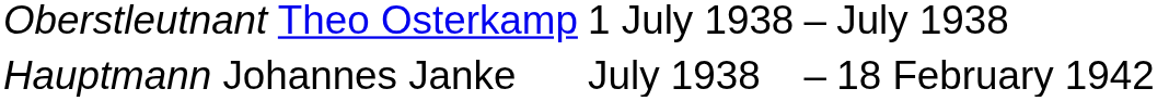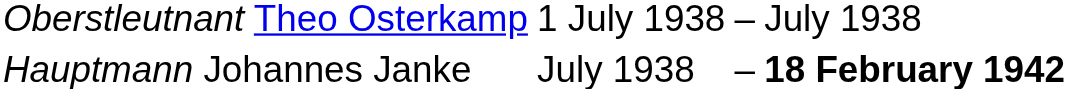 <table>
 <tr>
 <td> <em>Oberstleutnant</em> <a href='#'>Theo Osterkamp</a></td>
 <td>1 July 1938</td>
 <td>–</td>
 <td>July 1938</td>
 </tr>
 <tr>
 <td> <em>Hauptmann</em> Johannes Janke</td>
 <td>July 1938</td>
 <td>–</td>
-<td>18 February 1942</td>
+<td><strong>18 February 1942</strong></td>
 </tr>
 </table>
